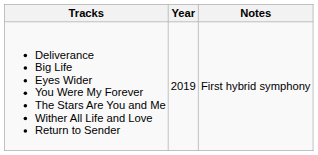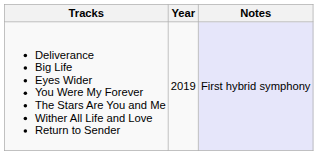 <table class="wikitable sortable">
 <tr>
 <th>Tracks</th>
 <th>Year</th>
 <th>Notes</th>
 </tr>
 <tr>
 <td><br><ul><li>Deliverance</li><li>Big Life</li><li>Eyes Wider</li><li>You Were My Forever</li><li>The Stars Are You and Me</li><li>Wither All Life and Love</li><li>Return to Sender</li></ul></td>
 <td>2019</td>
-<td>First hybrid symphony</td>
+<td style="background: lavender;">First hybrid symphony</td>
 </tr>
 </table>
